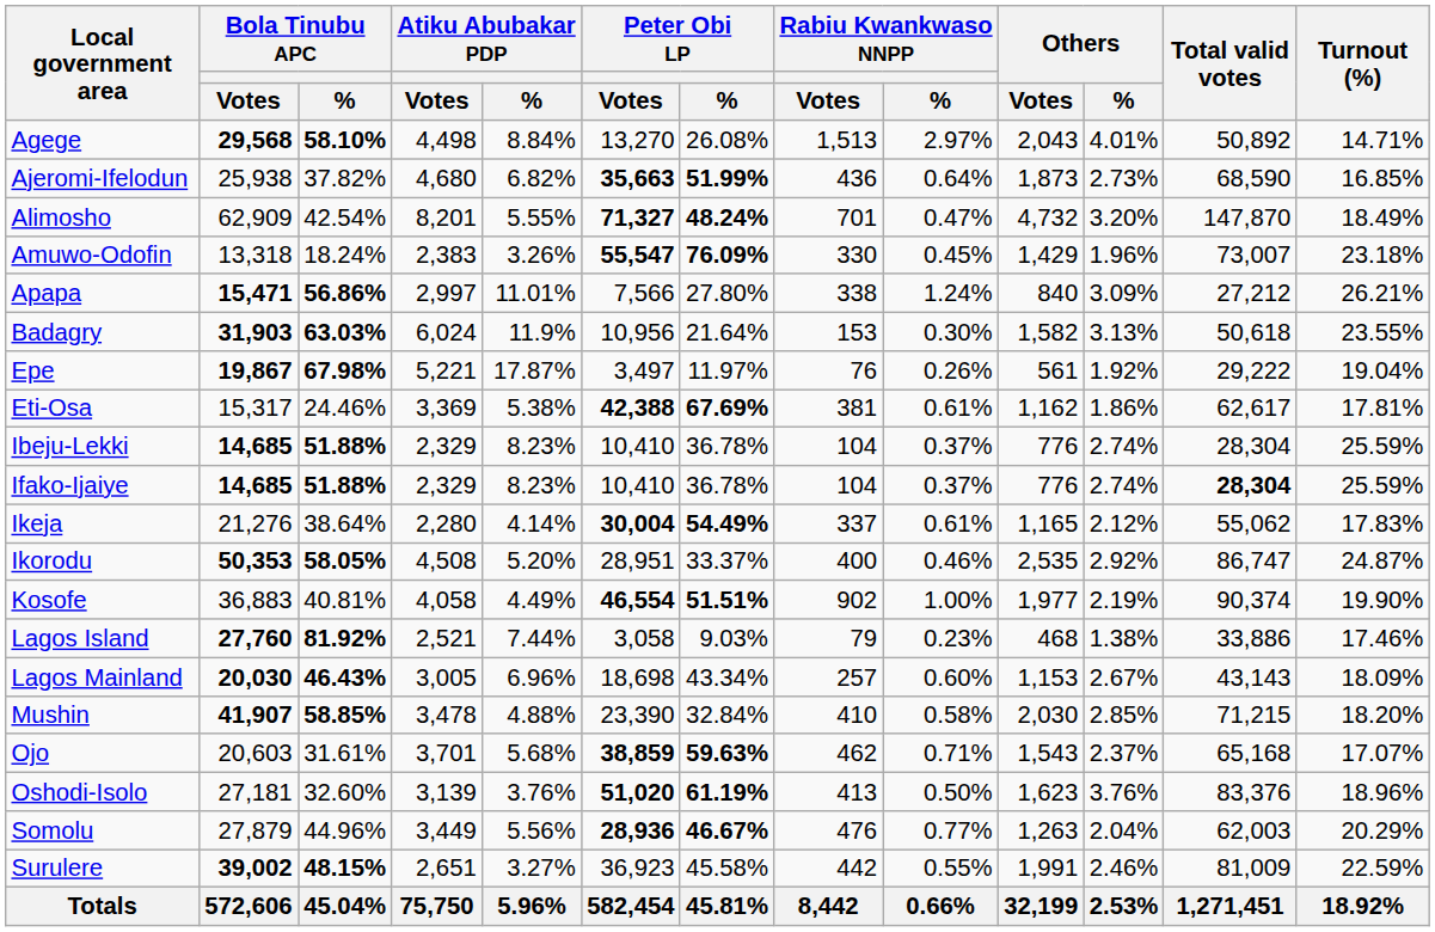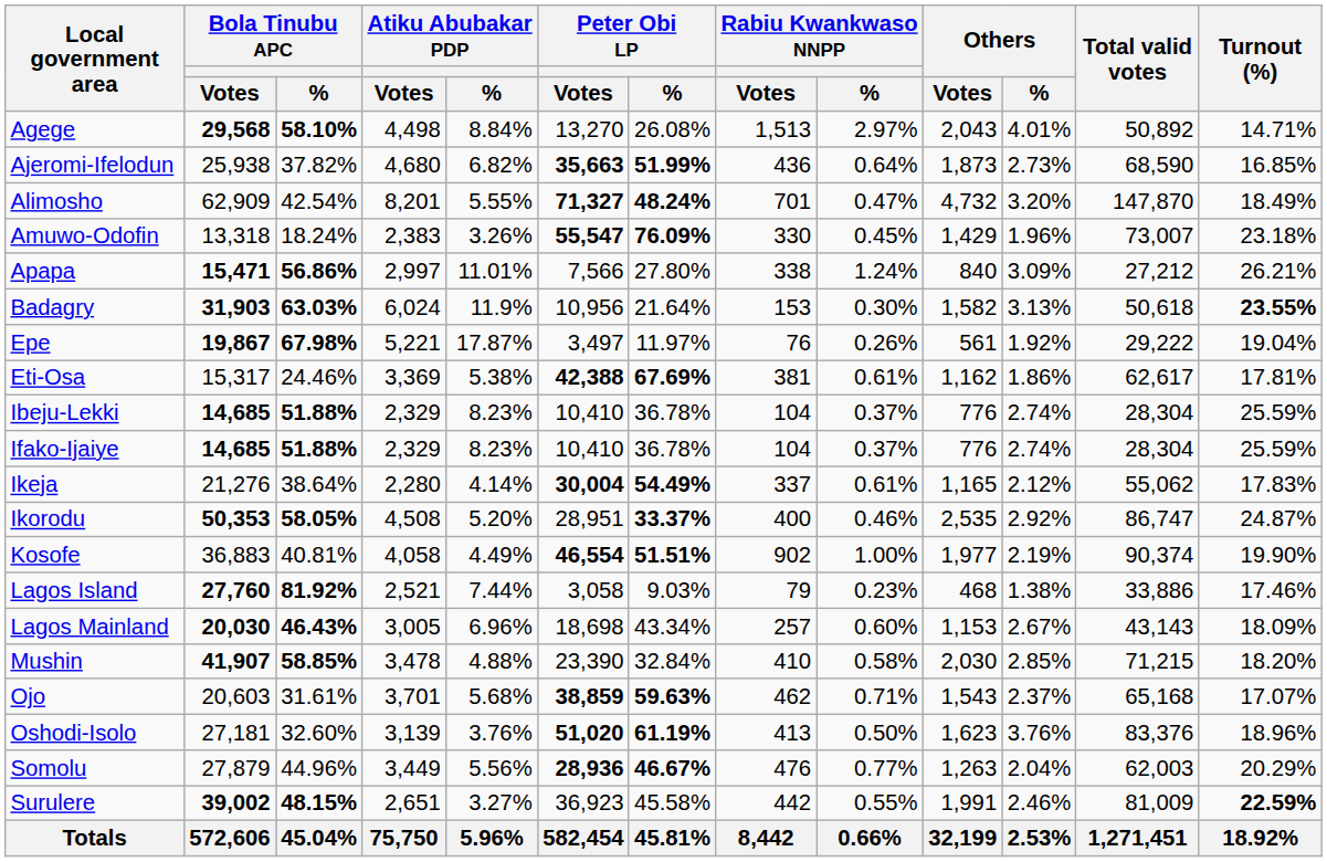 <table class="wikitable sortable" style="text-align:right; font-size:90%">
 <tr>
 <th rowspan="3" style="max-width:7.5em;">Local government area</th>
 <th colspan="2"><a href='#'>Bola Tinubu</a><br><small>APC</small></th>
 <th colspan="2"><a href='#'>Atiku Abubakar</a><br><small>PDP</small></th>
 <th colspan="2"><a href='#'>Peter Obi</a><br><small>LP</small></th>
 <th colspan="2"><a href='#'>Rabiu Kwankwaso</a><br><small>NNPP</small></th>
 <th colspan="2" rowspan="2">Others</th>
 <th rowspan="3" style="max-width:5em;">Total valid votes</th>
 <th rowspan="3" style="max-width:5em;">Turnout (%)</th>
 </tr>
 <tr>
 <th colspan=2 style="background-color:"></th>
 <th colspan=2 style="background-color:"></th>
 <th colspan=2 style="background-color:"></th>
 <th colspan=2 style="background-color:"></th>
 </tr>
 <tr>
 <th>Votes</th>
 <th>%</th>
 <th>Votes</th>
 <th>%</th>
 <th>Votes</th>
 <th>%</th>
 <th>Votes</th>
 <th>%</th>
 <th>Votes</th>
 <th>%</th>
 </tr>
 <tr style="background-color:#">
 <td style="text-align:left;"><a href='#'>Agege</a></td>
 <td><strong>29,568</strong></td>
 <td><strong>58.10%</strong></td>
 <td>4,498</td>
 <td>8.84%</td>
 <td>13,270</td>
 <td>26.08%</td>
 <td>1,513</td>
 <td>2.97%</td>
 <td>2,043</td>
 <td>4.01%</td>
 <td>50,892</td>
 <td>14.71%</td>
 </tr>
 <tr style="background-color:#">
 <td style="text-align:left;"><a href='#'>Ajeromi-Ifelodun</a></td>
 <td>25,938</td>
 <td>37.82%</td>
 <td>4,680</td>
 <td>6.82%</td>
 <td><strong>35,663</strong></td>
 <td><strong>51.99%</strong></td>
 <td>436</td>
 <td>0.64%</td>
 <td>1,873</td>
 <td>2.73%</td>
 <td>68,590</td>
 <td>16.85%</td>
 </tr>
 <tr style="background-color:#">
 <td style="text-align:left;"><a href='#'>Alimosho</a></td>
 <td>62,909</td>
 <td>42.54%</td>
 <td>8,201</td>
 <td>5.55%</td>
 <td><strong>71,327</strong></td>
 <td><strong>48.24%</strong></td>
 <td>701</td>
 <td>0.47%</td>
 <td>4,732</td>
 <td>3.20%</td>
 <td>147,870</td>
 <td>18.49%</td>
 </tr>
 <tr style="background-color:#">
 <td style="text-align:left;"><a href='#'>Amuwo-Odofin</a></td>
 <td>13,318</td>
 <td>18.24%</td>
 <td>2,383</td>
 <td>3.26%</td>
 <td><strong>55,547</strong></td>
 <td><strong>76.09%</strong></td>
 <td>330</td>
 <td>0.45%</td>
 <td>1,429</td>
 <td>1.96%</td>
 <td>73,007</td>
 <td>23.18%</td>
 </tr>
 <tr style="background-color:#">
 <td style="text-align:left;"><a href='#'>Apapa</a></td>
 <td><strong>15,471</strong></td>
 <td><strong>56.86%</strong></td>
 <td>2,997</td>
 <td>11.01%</td>
 <td>7,566</td>
 <td>27.80%</td>
 <td>338</td>
 <td>1.24%</td>
 <td>840</td>
 <td>3.09%</td>
 <td>27,212</td>
 <td>26.21%</td>
 </tr>
 <tr style="background-color:#">
 <td style="text-align:left;"><a href='#'>Badagry</a></td>
 <td><strong>31,903</strong></td>
 <td><strong>63.03%</strong></td>
 <td>6,024</td>
 <td>11.9%</td>
 <td>10,956</td>
 <td>21.64%</td>
 <td>153</td>
 <td>0.30%</td>
 <td>1,582</td>
 <td>3.13%</td>
 <td>50,618</td>
-<td>23.55%</td>
+<td><strong>23.55%</strong></td>
 </tr>
 <tr style="background-color:#">
 <td style="text-align:left;"><a href='#'>Epe</a></td>
 <td><strong>19,867</strong></td>
 <td><strong>67.98%</strong></td>
 <td>5,221</td>
 <td>17.87%</td>
 <td>3,497</td>
 <td>11.97%</td>
 <td>76</td>
 <td>0.26%</td>
 <td>561</td>
 <td>1.92%</td>
 <td>29,222</td>
 <td>19.04%</td>
 </tr>
 <tr style="background-color:#">
 <td style="text-align:left;"><a href='#'>Eti-Osa</a></td>
 <td>15,317</td>
 <td>24.46%</td>
 <td>3,369</td>
 <td>5.38%</td>
 <td><strong>42,388</strong></td>
 <td><strong>67.69%</strong></td>
 <td>381</td>
 <td>0.61%</td>
 <td>1,162</td>
 <td>1.86%</td>
 <td>62,617</td>
 <td>17.81%</td>
 </tr>
 <tr style="background-color:#">
 <td style="text-align:left;"><a href='#'>Ibeju-Lekki</a></td>
 <td><strong>14,685</strong></td>
 <td><strong>51.88%</strong></td>
 <td>2,329</td>
 <td>8.23%</td>
 <td>10,410</td>
 <td>36.78%</td>
 <td>104</td>
 <td>0.37%</td>
 <td>776</td>
 <td>2.74%</td>
 <td>28,304</td>
 <td>25.59%</td>
 </tr>
 <tr style="background-color:#">
 <td style="text-align:left;"><a href='#'>Ifako-Ijaiye</a></td>
 <td><strong>14,685</strong></td>
 <td><strong>51.88%</strong></td>
 <td>2,329</td>
 <td>8.23%</td>
 <td>10,410</td>
 <td>36.78%</td>
 <td>104</td>
 <td>0.37%</td>
 <td>776</td>
 <td>2.74%</td>
-<td><strong>28,304</strong></td>
+<td>28,304</td>
 <td>25.59%</td>
 </tr>
 <tr style="background-color:#">
 <td style="text-align:left;"><a href='#'>Ikeja</a></td>
 <td>21,276</td>
 <td>38.64%</td>
 <td>2,280</td>
 <td>4.14%</td>
 <td><strong>30,004</strong></td>
 <td><strong>54.49%</strong></td>
 <td>337</td>
 <td>0.61%</td>
 <td>1,165</td>
 <td>2.12%</td>
 <td>55,062</td>
 <td>17.83%</td>
 </tr>
 <tr style="background-color:#">
 <td style="text-align:left;"><a href='#'>Ikorodu</a></td>
 <td><strong>50,353</strong></td>
 <td><strong>58.05%</strong></td>
 <td>4,508</td>
 <td>5.20%</td>
 <td>28,951</td>
-<td>33.37%</td>
+<td><strong>33.37%</strong></td>
 <td>400</td>
 <td>0.46%</td>
 <td>2,535</td>
 <td>2.92%</td>
 <td>86,747</td>
 <td>24.87%</td>
 </tr>
 <tr style="background-color:#">
 <td style="text-align:left;"><a href='#'>Kosofe</a></td>
 <td>36,883</td>
 <td>40.81%</td>
 <td>4,058</td>
 <td>4.49%</td>
 <td><strong>46,554</strong></td>
 <td><strong>51.51%</strong></td>
 <td>902</td>
 <td>1.00%</td>
 <td>1,977</td>
 <td>2.19%</td>
 <td>90,374</td>
 <td>19.90%</td>
 </tr>
 <tr style="background-color:#">
 <td style="text-align:left;"><a href='#'>Lagos Island</a></td>
 <td><strong>27,760</strong></td>
 <td><strong>81.92%</strong></td>
 <td>2,521</td>
 <td>7.44%</td>
 <td>3,058</td>
 <td>9.03%</td>
 <td>79</td>
 <td>0.23%</td>
 <td>468</td>
 <td>1.38%</td>
 <td>33,886</td>
 <td>17.46%</td>
 </tr>
 <tr style="background-color:#">
 <td style="text-align:left;"><a href='#'>Lagos Mainland</a></td>
 <td><strong>20,030</strong></td>
 <td><strong>46.43%</strong></td>
 <td>3,005</td>
 <td>6.96%</td>
 <td>18,698</td>
 <td>43.34%</td>
 <td>257</td>
 <td>0.60%</td>
 <td>1,153</td>
 <td>2.67%</td>
 <td>43,143</td>
 <td>18.09%</td>
 </tr>
 <tr style="background-color:#">
 <td style="text-align:left;"><a href='#'>Mushin</a></td>
 <td><strong>41,907</strong></td>
 <td><strong>58.85%</strong></td>
 <td>3,478</td>
 <td>4.88%</td>
 <td>23,390</td>
 <td>32.84%</td>
 <td>410</td>
 <td>0.58%</td>
 <td>2,030</td>
 <td>2.85%</td>
 <td>71,215</td>
 <td>18.20%</td>
 </tr>
 <tr style="background-color:#">
 <td style="text-align:left;"><a href='#'>Ojo</a></td>
 <td>20,603</td>
 <td>31.61%</td>
 <td>3,701</td>
 <td>5.68%</td>
 <td><strong>38,859</strong></td>
 <td><strong>59.63%</strong></td>
 <td>462</td>
 <td>0.71%</td>
 <td>1,543</td>
 <td>2.37%</td>
 <td>65,168</td>
 <td>17.07%</td>
 </tr>
 <tr style="background-color:#">
 <td style="text-align:left;"><a href='#'>Oshodi-Isolo</a></td>
 <td>27,181</td>
 <td>32.60%</td>
 <td>3,139</td>
 <td>3.76%</td>
 <td><strong>51,020</strong></td>
 <td><strong>61.19%</strong></td>
 <td>413</td>
 <td>0.50%</td>
 <td>1,623</td>
 <td>3.76%</td>
 <td>83,376</td>
 <td>18.96%</td>
 </tr>
 <tr style="background-color:#">
 <td style="text-align:left;"><a href='#'>Somolu</a></td>
 <td>27,879</td>
 <td>44.96%</td>
 <td>3,449</td>
 <td>5.56%</td>
 <td><strong>28,936</strong></td>
 <td><strong>46.67%</strong></td>
 <td>476</td>
 <td>0.77%</td>
 <td>1,263</td>
 <td>2.04%</td>
 <td>62,003</td>
 <td>20.29%</td>
 </tr>
 <tr style="background-color:#">
 <td style="text-align:left;"><a href='#'>Surulere</a></td>
 <td><strong>39,002</strong></td>
 <td><strong>48.15%</strong></td>
 <td>2,651</td>
 <td>3.27%</td>
 <td>36,923</td>
 <td>45.58%</td>
 <td>442</td>
 <td>0.55%</td>
 <td>1,991</td>
 <td>2.46%</td>
 <td>81,009</td>
-<td>22.59%</td>
+<td><strong>22.59%</strong></td>
 </tr>
 <tr>
 <th>Totals</th>
 <th>572,606</th>
 <th>45.04%</th>
 <th>75,750</th>
 <th>5.96%</th>
 <th>582,454</th>
 <th>45.81%</th>
 <th>8,442</th>
 <th>0.66%</th>
 <th>32,199</th>
 <th>2.53%</th>
 <th>1,271,451</th>
 <th>18.92%</th>
 </tr>
 </table>
